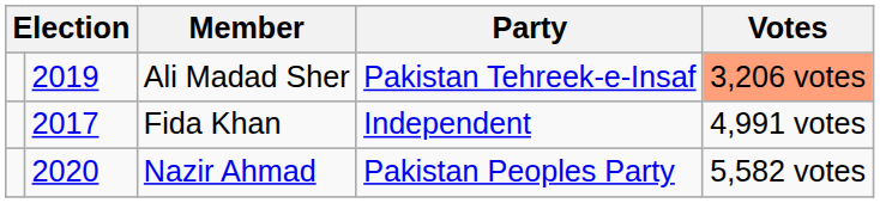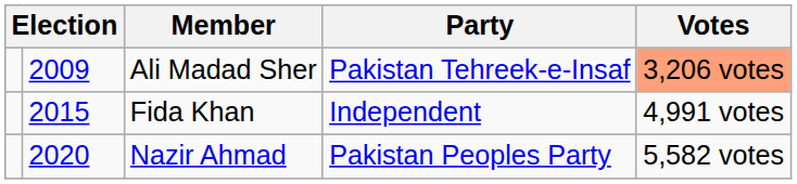 <table class="wikitable">
 <tr>
 <th colspan="2">Election</th>
 <th>Member</th>
 <th>Party</th>
 <th>Votes</th>
 </tr>
 <tr>
 <td style="background-color: "></td>
-<td><a href='#'>2019</a></td>
+<td><a href='#'>2009</a></td>
 <td>Ali Madad Sher</td>
 <td><a href='#'>Pakistan Tehreek-e-Insaf</a></td>
 <td style="background: lightsalmon;">3,206 votes</td>
 </tr>
 <tr>
 <td style="background-color: "></td>
-<td><a href='#'>2017</a></td>
+<td><a href='#'>2015</a></td>
 <td>Fida Khan</td>
 <td><a href='#'>Independent</a></td>
 <td>4,991 votes</td>
 </tr>
 <tr>
 <td style="background-color: "></td>
 <td><a href='#'>2020</a></td>
 <td><a href='#'>Nazir Ahmad</a></td>
 <td><a href='#'>Pakistan Peoples Party</a></td>
 <td>5,582 votes</td>
 </tr>
 </table>
